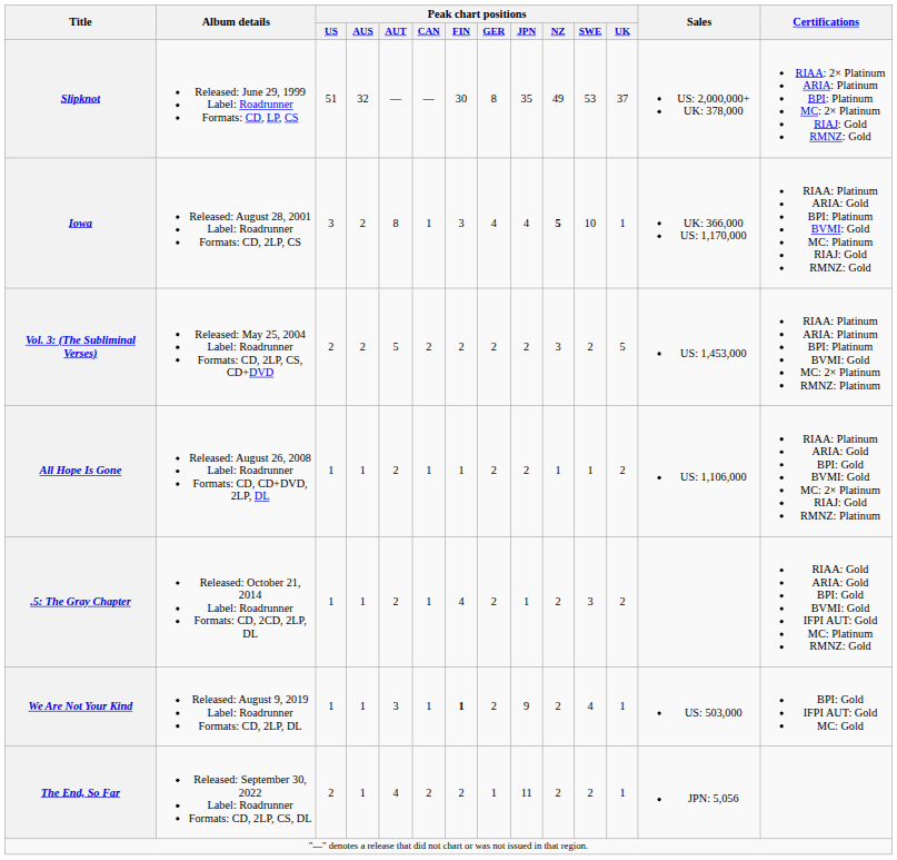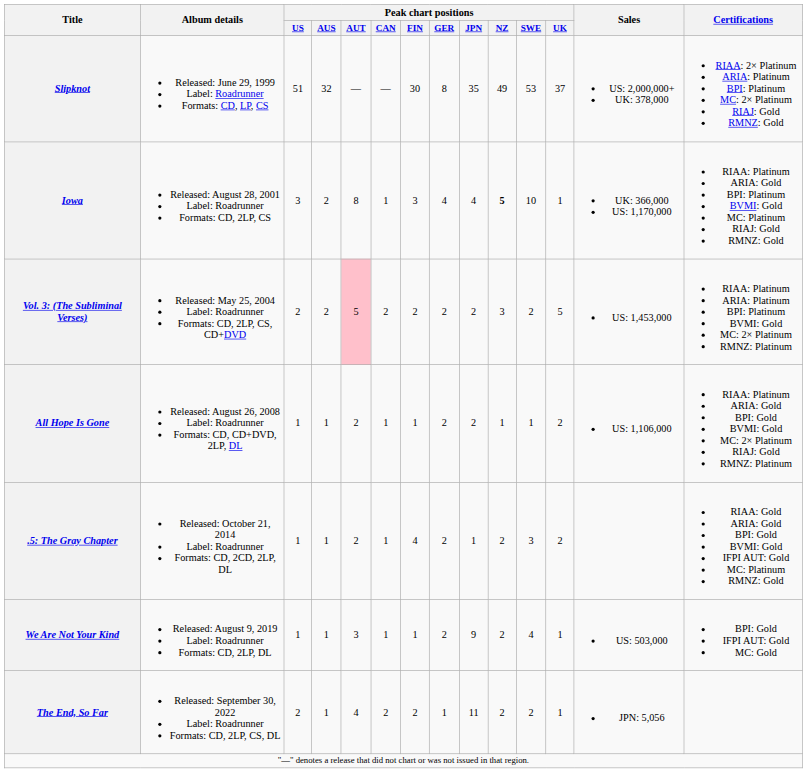 <table class="wikitable plainrowheaders" style="text-align:center;">
 <tr>
 <th scope="col" rowspan="2" style="width:16em;">Title</th>
 <th scope="col" rowspan="2" style="width:16em;">Album details</th>
 <th scope="col" colspan="10">Peak chart positions</th>
 <th scope="col" rowspan="2" style="width:11.5em;">Sales</th>
 <th scope="col" rowspan="2" style="width:13em;"><a href='#'>Certifications</a></th>
 </tr>
 <tr>
 <th scope="col" style="width:3em;font-size:90%;"><a href='#'>US</a><br></th>
 <th scope="col" style="width:3em;font-size:90%;"><a href='#'>AUS</a><br></th>
 <th scope="col" style="width:3em;font-size:90%;"><a href='#'>AUT</a><br></th>
 <th scope="col" style="width:3em;font-size:90%;"><a href='#'>CAN</a><br></th>
 <th scope="col" style="width:3em;font-size:90%;"><a href='#'>FIN</a><br></th>
 <th scope="col" style="width:3em;font-size:90%;"><a href='#'>GER</a><br></th>
 <th scope="col" style="width:3em;font-size:90%;"><a href='#'>JPN</a><br></th>
 <th scope="col" style="width:3em;font-size:90%;"><a href='#'>NZ</a><br></th>
 <th scope="col" style="width:3em;font-size:90%;"><a href='#'>SWE</a><br></th>
 <th scope="col" style="width:3em;font-size:90%;"><a href='#'>UK</a><br></th>
 </tr>
 <tr>
 <th scope="row"><em><a href='#'>Slipknot</a></em></th>
 <td><br><ul><li>Released: June 29, 1999</li><li>Label: <a href='#'>Roadrunner</a></li><li>Formats: <a href='#'>CD</a>, <a href='#'>LP</a>, <a href='#'>CS</a></li></ul></td>
 <td>51</td>
 <td>32</td>
 <td>—</td>
 <td>—</td>
 <td>30</td>
 <td>8</td>
 <td>35</td>
 <td>49</td>
 <td>53</td>
 <td>37</td>
 <td><br><ul><li>US: 2,000,000+</li><li>UK: 378,000</li></ul></td>
 <td><br><ul><li><a href='#'>RIAA</a>: 2× Platinum</li><li><a href='#'>ARIA</a>: Platinum</li><li><a href='#'>BPI</a>: Platinum</li><li><a href='#'>MC</a>: 2× Platinum</li><li><a href='#'>RIAJ</a>: Gold</li><li><a href='#'>RMNZ</a>: Gold</li></ul></td>
 </tr>
 <tr>
 <th scope="row"><em><a href='#'>Iowa</a></em></th>
 <td><br><ul><li>Released: August 28, 2001</li><li>Label: Roadrunner</li><li>Formats: CD, 2LP, CS</li></ul></td>
 <td>3</td>
 <td>2</td>
 <td>8</td>
 <td>1</td>
 <td>3</td>
 <td>4</td>
 <td>4</td>
 <td><strong>5</strong></td>
 <td>10</td>
 <td>1</td>
 <td><br><ul><li>UK: 366,000</li><li>US: 1,170,000</li></ul></td>
 <td><br><ul><li>RIAA: Platinum</li><li>ARIA: Gold</li><li>BPI: Platinum</li><li><a href='#'>BVMI</a>: Gold</li><li>MC: Platinum</li><li>RIAJ: Gold</li><li>RMNZ: Gold</li></ul></td>
 </tr>
 <tr>
 <th scope="row"><em><a href='#'>Vol. 3: (The Subliminal Verses)</a></em></th>
 <td><br><ul><li>Released: May 25, 2004</li><li>Label: Roadrunner</li><li>Formats: CD, 2LP, CS, CD+<a href='#'>DVD</a></li></ul></td>
 <td>2</td>
 <td>2</td>
-<td>5</td>
+<td style="background: pink;">5</td>
 <td>2</td>
 <td>2</td>
 <td>2</td>
 <td>2</td>
 <td>3</td>
 <td>2</td>
 <td>5</td>
 <td><br><ul><li>US: 1,453,000</li></ul></td>
 <td><br><ul><li>RIAA: Platinum</li><li>ARIA: Platinum</li><li>BPI: Platinum</li><li>BVMI: Gold</li><li>MC: 2× Platinum</li><li>RMNZ: Platinum</li></ul></td>
 </tr>
 <tr>
 <th scope="row"><em><a href='#'>All Hope Is Gone</a></em></th>
 <td><br><ul><li>Released: August 26, 2008</li><li>Label: Roadrunner</li><li>Formats: CD, CD+DVD, 2LP, <a href='#'>DL</a></li></ul></td>
 <td>1</td>
 <td>1</td>
 <td>2</td>
 <td>1</td>
 <td>1</td>
 <td>2</td>
 <td>2</td>
 <td>1</td>
 <td>1</td>
 <td>2</td>
 <td><br><ul><li>US: 1,106,000</li></ul></td>
 <td><br><ul><li>RIAA: Platinum</li><li>ARIA: Gold</li><li>BPI: Gold</li><li>BVMI: Gold</li><li>MC: 2× Platinum</li><li>RIAJ: Gold</li><li>RMNZ: Platinum</li></ul></td>
 </tr>
 <tr>
 <th scope="row"><em><a href='#'>.5: The Gray Chapter</a></em></th>
 <td><br><ul><li>Released: October 21, 2014</li><li>Label: Roadrunner</li><li>Formats: CD, 2CD, 2LP, DL</li></ul></td>
 <td>1</td>
 <td>1</td>
 <td>2</td>
 <td>1</td>
 <td>4</td>
 <td>2</td>
 <td>1</td>
 <td>2</td>
 <td>3</td>
 <td>2</td>
 <td></td>
 <td><br><ul><li>RIAA: Gold</li><li>ARIA: Gold</li><li>BPI: Gold</li><li>BVMI: Gold</li><li>IFPI AUT: Gold</li><li>MC: Platinum</li><li>RMNZ: Gold</li></ul></td>
 </tr>
 <tr>
 <th scope="row"><em><a href='#'>We Are Not Your Kind</a></em></th>
 <td><br><ul><li>Released: August 9, 2019</li><li>Label: Roadrunner</li><li>Formats: CD, 2LP, DL</li></ul></td>
 <td>1</td>
 <td>1</td>
 <td>3</td>
 <td>1</td>
-<td><strong>1</strong></td>
+<td>1</td>
 <td>2</td>
 <td>9</td>
 <td>2</td>
 <td>4</td>
 <td>1</td>
 <td><br><ul><li>US: 503,000</li></ul></td>
 <td><br><ul><li>BPI: Gold</li><li>IFPI AUT: Gold</li><li>MC: Gold</li></ul></td>
 </tr>
 <tr>
 <th scope="row"><em><a href='#'>The End, So Far</a></em></th>
 <td><br><ul><li>Released: September 30, 2022</li><li>Label: Roadrunner</li><li>Formats: CD, 2LP, CS, DL</li></ul></td>
 <td>2</td>
 <td>1</td>
 <td>4</td>
 <td>2</td>
 <td>2</td>
 <td>1</td>
 <td>11</td>
 <td>2</td>
 <td>2</td>
 <td>1</td>
 <td><br><ul><li>JPN: 5,056</li></ul></td>
 <td></td>
 </tr>
 <tr>
 <td colspan="15" style="font-size: 85%">"—" denotes a release that did not chart or was not issued in that region.</td>
 </tr>
 </table>
